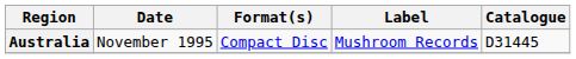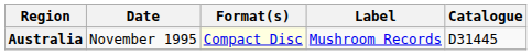 <table class="wikitable plainrowheaders">
 <tr>
 <th scope="col">Region</th>
 <th scope="col">Date</th>
 <th scope="col">Format(s)</th>
 <th scope="col">Label</th>
 <th scope="col">Catalogue</th>
 </tr>
 <tr>
 <th scope="row">Australia</th>
 <td>November 1995</td>
-<td><a href='#'>Compact Disc</a></td>
+<td style="background: lightyellow;"><a href='#'>Compact Disc</a></td>
 <td><a href='#'>Mushroom Records</a></td>
 <td>D31445</td>
 </tr>
 <tr>
 </tr>
 </table>
